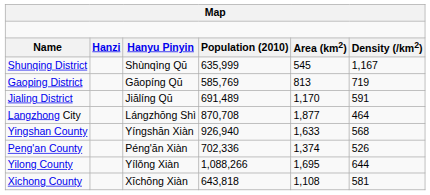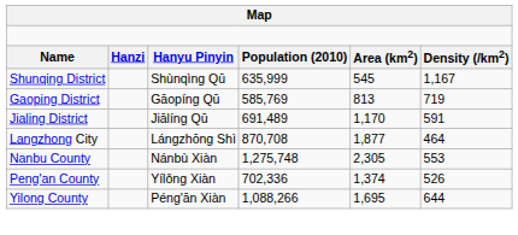 <table class="wikitable"  style="font-size:90%; margin:auto;">
 <tr>
 <th colspan="6" style="text-align:center;">Map</th>
 </tr>
 <tr>
 <td colspan="6" style="text-align:center;"><div><br>            </div></td>
 </tr>
 <tr>
 <th>Name</th>
 <th><a href='#'>Hanzi</a></th>
 <th><a href='#'>Hanyu Pinyin</a></th>
 <th>Population (2010)</th>
 <th>Area (km<sup>2</sup>)</th>
 <th>Density (/km<sup>2</sup>)</th>
 </tr>
 <tr>
 <td><a href='#'>Shunqing District</a></td>
 <td></td>
 <td>Shùnqìng Qū</td>
 <td>635,999</td>
 <td>545</td>
 <td>1,167</td>
 </tr>
 <tr>
 <td><a href='#'>Gaoping District</a></td>
 <td></td>
 <td>Gāopíng Qū</td>
 <td>585,769</td>
 <td>813</td>
 <td>719</td>
 </tr>
 <tr>
 <td><a href='#'>Jialing District</a></td>
 <td></td>
 <td>Jiālíng Qū</td>
 <td>691,489</td>
 <td>1,170</td>
 <td>591</td>
 </tr>
 <tr>
 <td><a href='#'>Langzhong</a> City</td>
 <td></td>
 <td>Lángzhōng Shì</td>
 <td>870,708</td>
 <td>1,877</td>
 <td>464</td>
 </tr>
 <tr>
-<td><a href='#'>Yingshan County</a></td>
+<td><a href='#'>Nanbu County</a></td>
 <td></td>
-<td>Yíngshān Xiàn</td>
-<td>926,940</td>
-<td>1,633</td>
-<td>568</td>
+<td>Nánbù Xiàn</td>
+<td>1,275,748</td>
+<td>2,305</td>
+<td>553</td>
 </tr>
 <tr>
 <td><a href='#'>Peng'an County</a></td>
 <td></td>
-<td>Péng'ān Xiàn</td>
+<td>Yílǒng Xiàn</td>
 <td>702,336</td>
 <td>1,374</td>
 <td>526</td>
 </tr>
 <tr>
 <td><a href='#'>Yilong County</a></td>
 <td></td>
-<td>Yílǒng Xiàn</td>
+<td>Péng'ān Xiàn</td>
 <td>1,088,266</td>
 <td>1,695</td>
 <td>644</td>
 </tr>
-<tr>
-<td><a href='#'>Xichong County</a></td>
-<td></td>
-<td>Xīchōng Xiàn</td>
-<td>643,818</td>
-<td>1,108</td>
-<td>581</td>
-</tr>
 </table>
